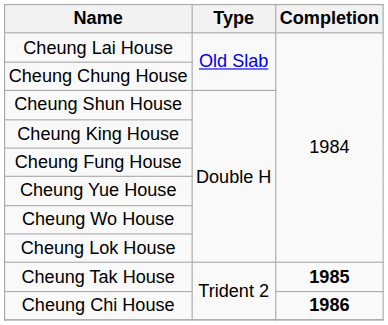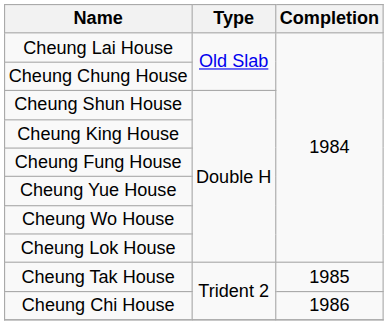 <table class="wikitable" style="text-align: center">
 <tr>
 <th>Name</th>
 <th>Type</th>
 <th>Completion</th>
 </tr>
 <tr>
 <td>Cheung Lai House</td>
 <td rowspan="2"><a href='#'>Old Slab</a></td>
 <td rowspan="8">1984</td>
 </tr>
 <tr>
 <td>Cheung Chung House</td>
 </tr>
 <tr>
 <td>Cheung Shun House</td>
 <td rowspan="6">Double H</td>
 </tr>
 <tr>
 <td>Cheung King House</td>
 </tr>
 <tr>
 <td>Cheung Fung House</td>
 </tr>
 <tr>
 <td>Cheung Yue House</td>
 </tr>
 <tr>
 <td>Cheung Wo House</td>
 </tr>
 <tr>
 <td>Cheung Lok House</td>
 </tr>
 <tr>
 <td>Cheung Tak House</td>
 <td rowspan="2">Trident 2</td>
-<td><strong>1985</strong></td>
+<td>1985</td>
 </tr>
 <tr>
 <td>Cheung Chi House</td>
-<td><strong>1986</strong></td>
+<td>1986</td>
 </tr>
 <tr>
 </tr>
 </table>
